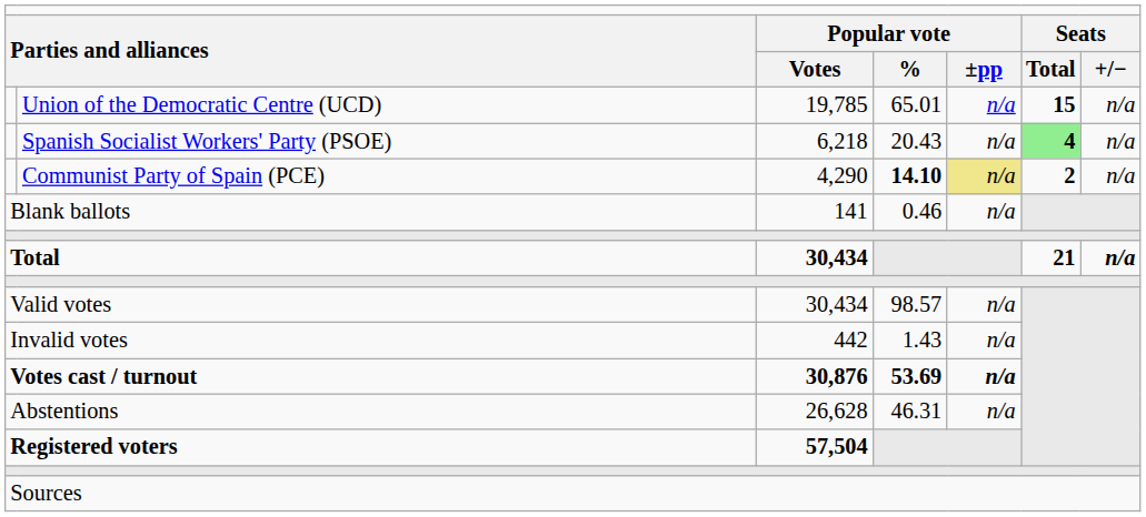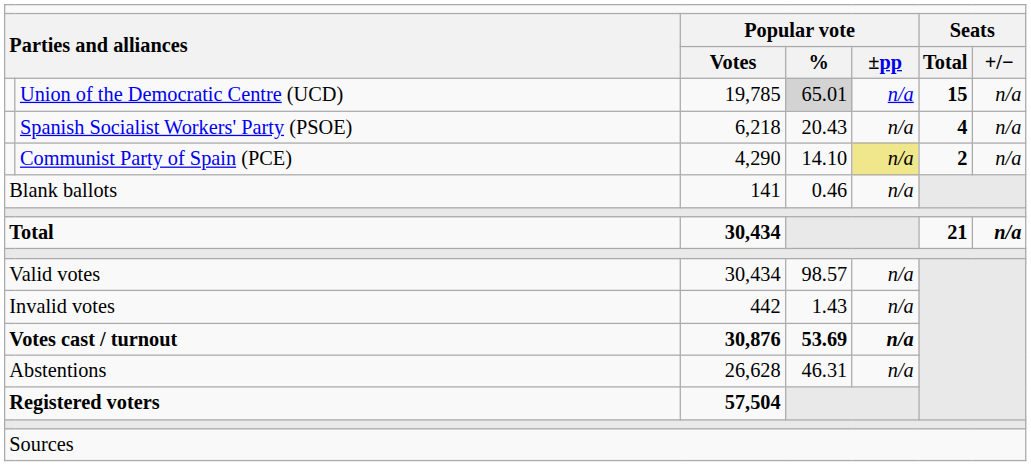 <table class="wikitable" style="text-align:right;">
 <tr>
 <td colspan="7"></td>
 </tr>
 <tr>
 <th style="text-align:left;" rowspan="2" colspan="2" width="525">Parties and alliances</th>
 <th colspan="3">Popular vote</th>
 <th colspan="2">Seats</th>
 </tr>
 <tr>
 <th width="75">Votes</th>
 <th width="45">%</th>
 <th width="45">±<a href='#'>pp</a></th>
 <th width="35">Total</th>
 <th width="35">+/−</th>
 </tr>
 <tr>
 <td width="1" style="color:inherit;background:"></td>
 <td align="left"><a href='#'>Union of the Democratic Centre</a> (UCD)</td>
 <td>19,785</td>
-<td>65.01</td>
+<td style="background: lightgrey;">65.01</td>
 <td><em><a href='#'>n/a</a></em></td>
 <td><strong>15</strong></td>
 <td><em>n/a</em></td>
 </tr>
 <tr>
 <td style="color:inherit;background:"></td>
 <td align="left"><a href='#'>Spanish Socialist Workers' Party</a> (PSOE)</td>
 <td>6,218</td>
 <td>20.43</td>
 <td><em>n/a</em></td>
-<td style="background: lightgreen;"><strong>4</strong></td>
+<td><strong>4</strong></td>
 <td><em>n/a</em></td>
 </tr>
 <tr>
 <td style="color:inherit;background:"></td>
 <td align="left"><a href='#'>Communist Party of Spain</a> (PCE)</td>
 <td>4,290</td>
-<td><strong>14.10</strong></td>
+<td>14.10</td>
 <td style="background: khaki;"><em>n/a</em></td>
 <td><strong>2</strong></td>
 <td><em>n/a</em></td>
 </tr>
 <tr>
 <td align="left" colspan="2">Blank ballots</td>
 <td>141</td>
 <td>0.46</td>
 <td><em>n/a</em></td>
 <td bgcolor="#E9E9E9" colspan="2"></td>
 </tr>
 <tr>
 <td colspan="7" bgcolor="#E9E9E9"></td>
 </tr>
 <tr style="font-weight:bold;">
 <td align="left" colspan="2">Total</td>
 <td>30,434</td>
 <td bgcolor="#E9E9E9" colspan="2"></td>
 <td>21</td>
 <td><em>n/a</em></td>
 </tr>
 <tr>
 <td colspan="7" bgcolor="#E9E9E9"></td>
 </tr>
 <tr>
 <td align="left" colspan="2">Valid votes</td>
 <td>30,434</td>
 <td>98.57</td>
 <td><em>n/a</em></td>
 <td bgcolor="#E9E9E9" colspan="2" rowspan="5"></td>
 </tr>
 <tr>
 <td align="left" colspan="2">Invalid votes</td>
 <td>442</td>
 <td>1.43</td>
 <td><em>n/a</em></td>
 </tr>
 <tr style="font-weight:bold;">
 <td align="left" colspan="2">Votes cast / turnout</td>
 <td>30,876</td>
 <td>53.69</td>
 <td><em>n/a</em></td>
 </tr>
 <tr>
 <td align="left" colspan="2">Abstentions</td>
 <td>26,628</td>
 <td>46.31</td>
 <td><em>n/a</em></td>
 </tr>
 <tr style="font-weight:bold;">
 <td align="left" colspan="2">Registered voters</td>
 <td>57,504</td>
 <td bgcolor="#E9E9E9" colspan="2"></td>
 </tr>
 <tr>
 <td colspan="7" bgcolor="#E9E9E9"></td>
 </tr>
 <tr>
 <td align="left" colspan="7">Sources</td>
 </tr>
 </table>
